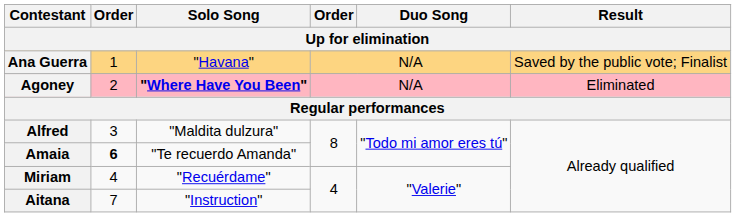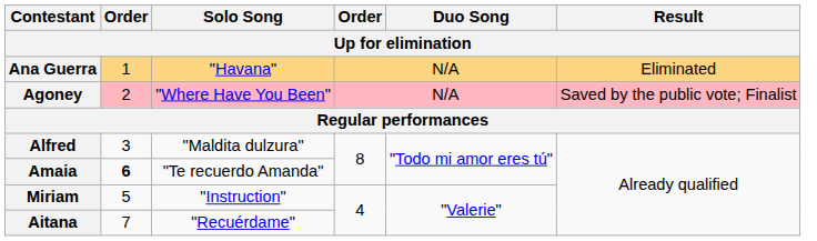 <table class="wikitable plainrowheaders" style="text-align:center;">
 <tr>
 <th scope="col">Contestant</th>
 <th scope="col">Order</th>
 <th scope="col">Solo Song</th>
 <th scope="col">Order</th>
 <th scope="col">Duo Song</th>
 <th scope="col">Result</th>
 </tr>
 <tr>
 <th colspan="6">Up for elimination</th>
 </tr>
 <tr style="background:#fdd581;">
 <th scope="row">Ana Guerra</th>
 <td>1</td>
 <td>"<a href='#'>Havana</a>"</td>
 <td colspan=2>N/A</td>
-<td>Saved by the public vote; Finalist</td>
+<td>Eliminated</td>
 </tr>
 <tr style="background:lightpink">
 <th scope="row">Agoney</th>
 <td>2</td>
-<td><strong>"<a href='#'>Where Have You Been</a>"</strong></td>
+<td>"<a href='#'>Where Have You Been</a>"</td>
 <td colspan=2>N/A</td>
-<td>Eliminated</td>
+<td>Saved by the public vote; Finalist</td>
 </tr>
 <tr>
 <th colspan="6">Regular performances</th>
 </tr>
 <tr>
 <th scope="row">Alfred</th>
 <td>3</td>
 <td>"Maldita dulzura"</td>
 <td rowspan=2>8</td>
 <td rowspan=2>"<a href='#'>Todo mi amor eres tú</a>"</td>
 <td rowspan=4>Already qualified</td>
 </tr>
 <tr>
 <th scope="row">Amaia</th>
 <td><strong>6</strong></td>
 <td>"Te recuerdo Amanda"</td>
 </tr>
 <tr>
 <th scope="row">Miriam</th>
-<td>4</td>
-<td>"<a href='#'>Recuérdame</a>"</td>
+<td>5</td>
+<td>"<a href='#'>Instruction</a>"</td>
 <td rowspan=2>4</td>
 <td rowspan=2>"<a href='#'>Valerie</a>"</td>
 </tr>
 <tr>
 <th scope="row">Aitana</th>
 <td>7</td>
-<td>"<a href='#'>Instruction</a>"</td>
+<td>"<a href='#'>Recuérdame</a>"</td>
 </tr>
 </table>
